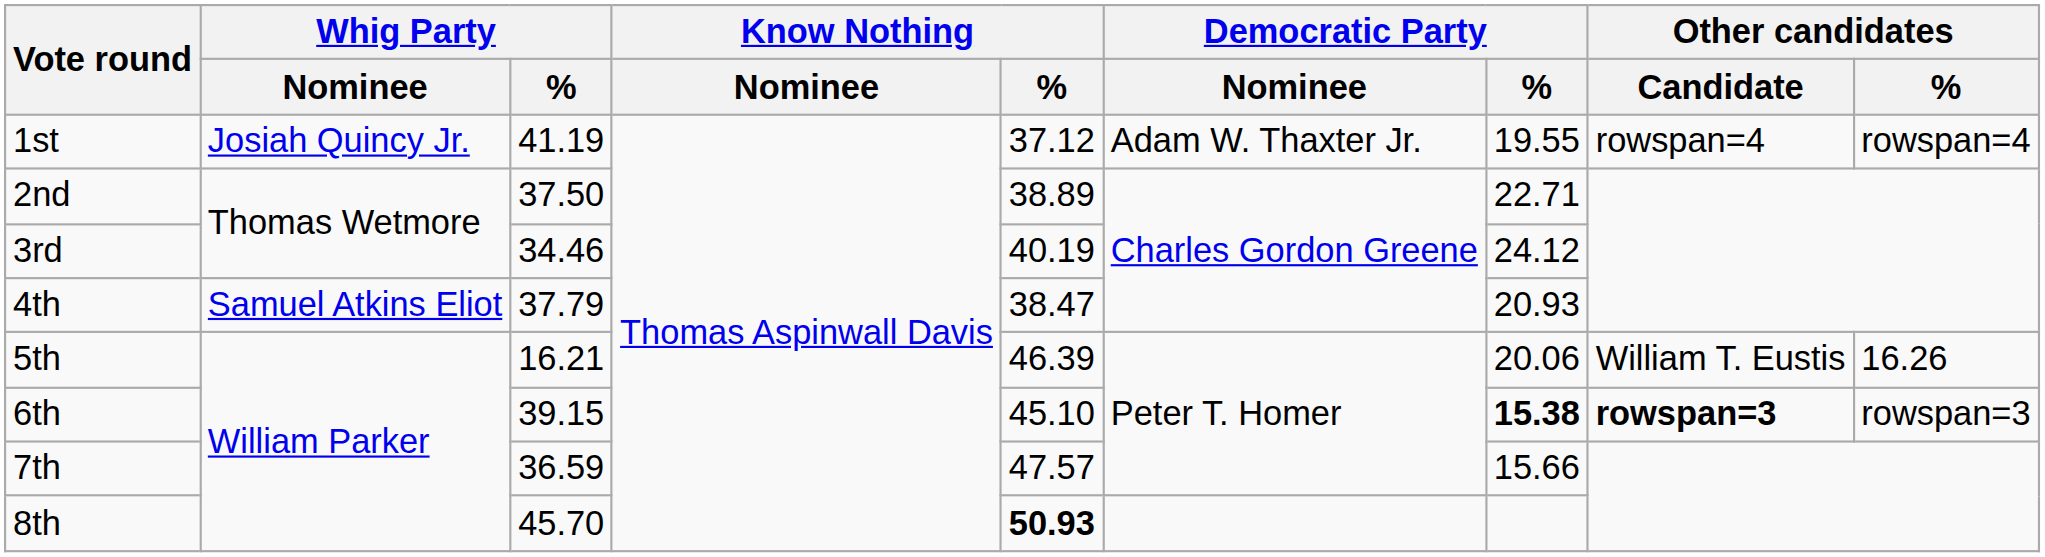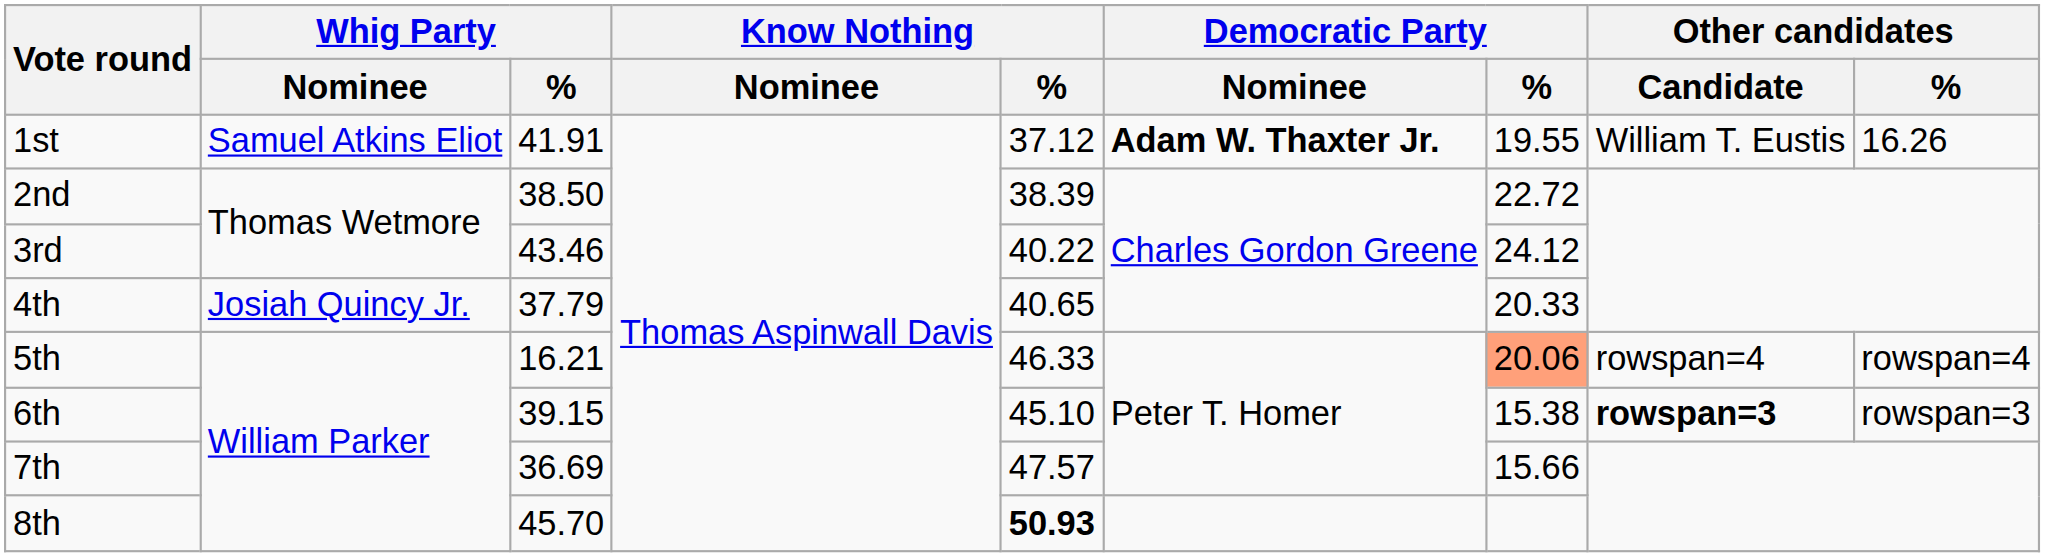 <table class="wikitable">
 <tr>
 <th rowspan=2>Vote round</th>
 <th colspan=2><a href='#'>Whig Party</a></th>
 <th colspan=2><a href='#'>Know Nothing</a></th>
 <th colspan=2><a href='#'>Democratic Party</a></th>
 <th colspan=2>Other candidates</th>
 </tr>
 <tr>
 <th>Nominee</th>
 <th>%</th>
 <th>Nominee</th>
 <th>%</th>
 <th>Nominee</th>
 <th>%</th>
 <th>Candidate</th>
 <th>%</th>
 </tr>
 <tr>
 <td>1st</td>
-<td><a href='#'>Josiah Quincy Jr.</a></td>
-<td>41.19</td>
+<td><a href='#'>Samuel Atkins Eliot</a></td>
+<td>41.91</td>
 <td rowspan=8><a href='#'>Thomas Aspinwall Davis</a></td>
 <td>37.12</td>
-<td>Adam W. Thaxter Jr.</td>
+<td><strong>Adam W. Thaxter Jr.</strong></td>
 <td>19.55</td>
-<td>rowspan=4 </td>
-<td>rowspan=4 </td>
+<td>William T. Eustis</td>
+<td>16.26</td>
 </tr>
 <tr>
 <td>2nd</td>
 <td rowspan=2>Thomas Wetmore</td>
-<td>37.50</td>
-<td>38.89</td>
+<td>38.50</td>
+<td>38.39</td>
 <td rowspan=3><a href='#'>Charles Gordon Greene</a></td>
-<td>22.71</td>
+<td>22.72</td>
 </tr>
 <tr>
 <td>3rd</td>
-<td>34.46</td>
-<td>40.19</td>
+<td>43.46</td>
+<td>40.22</td>
 <td>24.12</td>
 </tr>
 <tr>
 <td>4th</td>
-<td><a href='#'>Samuel Atkins Eliot</a></td>
+<td><a href='#'>Josiah Quincy Jr.</a></td>
 <td>37.79</td>
-<td>38.47</td>
-<td>20.93</td>
+<td>40.65</td>
+<td>20.33</td>
 </tr>
 <tr>
 <td>5th</td>
 <td rowspan=4><a href='#'>William Parker</a></td>
 <td>16.21</td>
-<td>46.39</td>
+<td>46.33</td>
 <td rowspan=3>Peter T. Homer</td>
-<td>20.06</td>
-<td>William T. Eustis</td>
-<td>16.26</td>
+<td style="background: lightsalmon;">20.06</td>
+<td>rowspan=4 </td>
+<td>rowspan=4 </td>
 </tr>
 <tr>
 <td>6th</td>
 <td>39.15</td>
 <td>45.10</td>
-<td><strong>15.38</strong></td>
+<td>15.38</td>
 <td><strong>rowspan=3 </strong></td>
 <td>rowspan=3 </td>
 </tr>
 <tr>
 <td>7th</td>
-<td>36.59</td>
+<td>36.69</td>
 <td>47.57</td>
 <td>15.66</td>
 </tr>
 <tr>
 <td>8th</td>
 <td>45.70</td>
 <td><strong>50.93</strong></td>
 <td></td>
 <td></td>
 </tr>
 </table>
